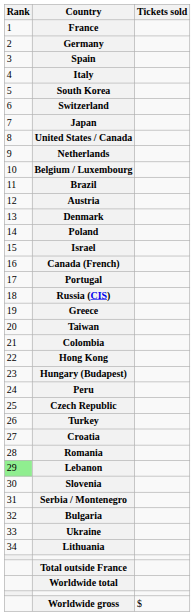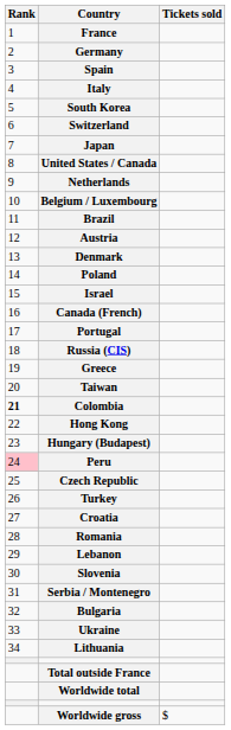 <table class="wikitable sortable plainrowheaders" style="margin:auto; margin:auto style="margin:auto">
 <tr>
 <th scope=col>Rank</th>
 <th scope=col>Country</th>
 <th scope=col>Tickets sold</th>
 </tr>
 <tr>
 <td>1</td>
 <th scope=row>France</th>
 <td></td>
 </tr>
 <tr>
 <td>2</td>
 <th scope=row>Germany</th>
 <td></td>
 </tr>
 <tr>
 <td>3</td>
 <th scope=row>Spain</th>
 <td></td>
 </tr>
 <tr>
 <td>4</td>
 <th scope=row>Italy</th>
 <td></td>
 </tr>
 <tr>
 <td>5</td>
 <th scope=row>South Korea</th>
 <td> </td>
 </tr>
 <tr>
 <td>6</td>
 <th scope=row>Switzerland</th>
 <td></td>
 </tr>
 <tr>
 <td>7</td>
 <th scope=row>Japan</th>
 <td></td>
 </tr>
 <tr>
 <td>8</td>
 <th scope=row>United States / Canada</th>
 <td></td>
 </tr>
 <tr>
 <td>9</td>
 <th scope=row>Netherlands</th>
 <td></td>
 </tr>
 <tr>
 <td>10</td>
 <th scope=row>Belgium / Luxembourg</th>
 <td></td>
 </tr>
 <tr>
 <td>11</td>
 <th scope=row>Brazil</th>
 <td></td>
 </tr>
 <tr>
 <td>12</td>
 <th scope=row>Austria</th>
 <td></td>
 </tr>
 <tr>
 <td>13</td>
 <th scope=row>Denmark</th>
 <td></td>
 </tr>
 <tr>
 <td>14</td>
 <th scope=row>Poland</th>
 <td></td>
 </tr>
 <tr>
 <td>15</td>
 <th scope=row>Israel</th>
 <td></td>
 </tr>
 <tr>
 <td>16</td>
 <th scope=row>Canada (French)</th>
 <td></td>
 </tr>
 <tr>
 <td>17</td>
 <th scope=row>Portugal</th>
 <td></td>
 </tr>
 <tr>
 <td>18</td>
 <th scope=row>Russia (<a href='#'>CIS</a>)</th>
 <td></td>
 </tr>
 <tr>
 <td>19</td>
 <th scope=row>Greece</th>
 <td></td>
 </tr>
 <tr>
 <td>20</td>
 <th scope=row>Taiwan</th>
 <td></td>
 </tr>
 <tr>
-<td>21</td>
+<td><strong>21</strong></td>
 <th scope=row>Colombia</th>
 <td></td>
 </tr>
 <tr>
 <td>22</td>
 <th scope=row>Hong Kong</th>
 <td></td>
 </tr>
 <tr>
 <td>23</td>
 <th scope=row>Hungary (Budapest)</th>
 <td></td>
 </tr>
 <tr>
-<td>24</td>
+<td style="background: pink;">24</td>
 <th scope=row>Peru</th>
 <td></td>
 </tr>
 <tr>
 <td>25</td>
 <th scope=row>Czech Republic</th>
 <td></td>
 </tr>
 <tr>
 <td>26</td>
 <th scope=row>Turkey</th>
 <td></td>
 </tr>
 <tr>
 <td>27</td>
 <th scope=row>Croatia</th>
 <td></td>
 </tr>
 <tr>
 <td>28</td>
 <th scope=row>Romania</th>
 <td></td>
 </tr>
 <tr>
-<td style="background: lightgreen;">29</td>
+<td>29</td>
 <th scope="row">Lebanon</th>
 <td></td>
 </tr>
 <tr>
 <td>30</td>
 <th scope=row>Slovenia</th>
 <td></td>
 </tr>
 <tr>
 <td>31</td>
 <th scope=row>Serbia / Montenegro</th>
 <td></td>
 </tr>
 <tr>
 <td>32</td>
 <th scope=row>Bulgaria</th>
 <td></td>
 </tr>
 <tr>
 <td>33</td>
 <th scope=row>Ukraine</th>
 <td></td>
 </tr>
 <tr>
 <td>34</td>
 <th scope=row>Lithuania</th>
 <td></td>
 </tr>
 <tr>
 <th></th>
 <td></td>
 </tr>
 <tr>
 <td></td>
 <th scope=row>Total outside France</th>
 <td></td>
 </tr>
 <tr>
 <td></td>
 <th scope=row>Worldwide total</th>
 <td></td>
 </tr>
 <tr>
 <th></th>
 <td></td>
 </tr>
 <tr>
 <td></td>
 <th scope=row>Worldwide gross</th>
 <td>$</td>
 </tr>
 </table>
